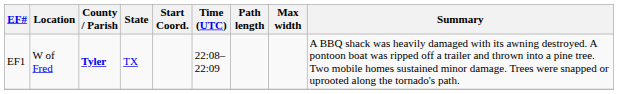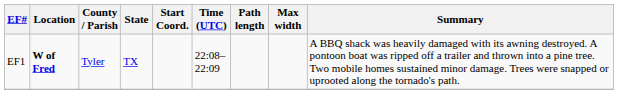 <table class="wikitable sortable" style="width:100%;">
 <tr>
 <th scope="col"  style="width:3%; text-align:center;"><a href='#'>EF#</a></th>
 <th scope="col"  style="width:7%; text-align:center;" class="unsortable">Location</th>
 <th scope="col"  style="width:6%; text-align:center;" class="unsortable">County / Parish</th>
 <th scope="col"  style="width:5%; text-align:center;">State</th>
 <th scope="col"  style="width:6%; text-align:center;">Start Coord.</th>
 <th scope="col"  style="width:6%; text-align:center;">Time (<a href='#'>UTC</a>)</th>
 <th scope="col"  style="width:6%; text-align:center;">Path length</th>
 <th scope="col"  style="width:6%; text-align:center;">Max width</th>
 <th scope="col" class="unsortable" style="width:48%; text-align:center;">Summary</th>
 </tr>
 <tr>
 <td>EF1</td>
-<td>W of <a href='#'>Fred</a></td>
-<td><strong><a href='#'>Tyler</a></strong></td>
+<td><strong>W of <a href='#'>Fred</a></strong></td>
+<td><a href='#'>Tyler</a></td>
 <td><a href='#'>TX</a></td>
 <td></td>
 <td>22:08–22:09</td>
 <td></td>
 <td></td>
 <td>A BBQ shack was heavily damaged with its awning destroyed. A pontoon boat was ripped off a trailer and thrown  into a pine tree. Two mobile homes sustained minor damage. Trees were snapped or uprooted along the tornado's path.</td>
 </tr>
 <tr>
 </tr>
 </table>
